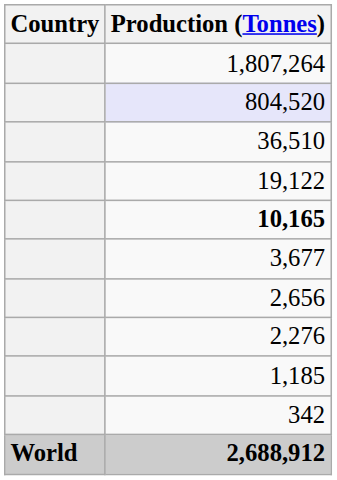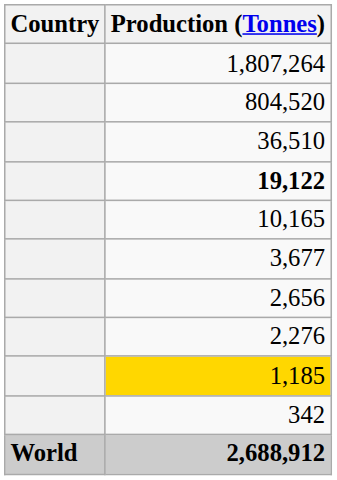 <table class="wikitable sortable" style="text-align:right;" border="1">
 <tr>
 <th scope="col">Country</th>
 <th scope="col">Production (<a href='#'>Tonnes</a>)</th>
 </tr>
 <tr>
 <th scope="row" style="text-align:left;"></th>
 <td>1,807,264</td>
 </tr>
 <tr>
 <th scope="row" style="text-align:left;"></th>
-<td style="background: lavender;">804,520</td>
+<td>804,520</td>
 </tr>
 <tr>
 <th scope="row" style="text-align:left;"></th>
 <td>36,510</td>
 </tr>
 <tr>
 <th scope="row" style="text-align:left;"></th>
-<td>19,122</td>
+<td><strong>19,122</strong></td>
 </tr>
 <tr>
 <th scope="row" style="text-align:left;"></th>
-<td><strong>10,165</strong></td>
+<td>10,165</td>
 </tr>
 <tr>
 <th scope="row" style="text-align:left;"></th>
 <td>3,677</td>
 </tr>
 <tr>
 <th scope="row" style="text-align:left;"></th>
 <td>2,656</td>
 </tr>
 <tr>
 <th scope="row" style="text-align:left;"></th>
 <td>2,276</td>
 </tr>
 <tr>
 <th scope="row" style="text-align:left;"></th>
-<td>1,185</td>
+<td style="background: gold;">1,185</td>
 </tr>
 <tr>
 <th scope="row" style="text-align:left;"></th>
 <td>342</td>
 </tr>
 <tr style="background:#ccc;">
 <th scope="row" style="background:#ccc;text-align:left;">World</th>
 <td><strong>2,688,912</strong></td>
 </tr>
 </table>
